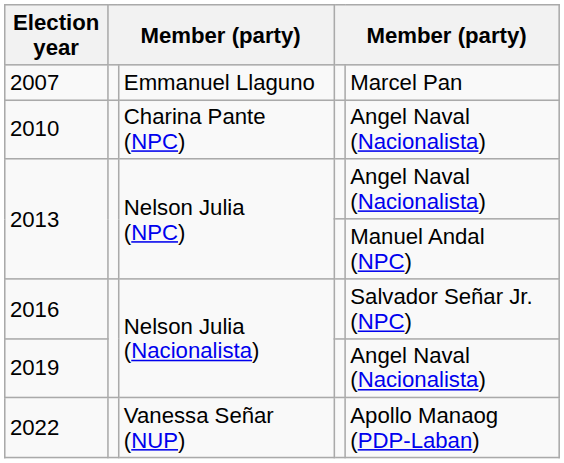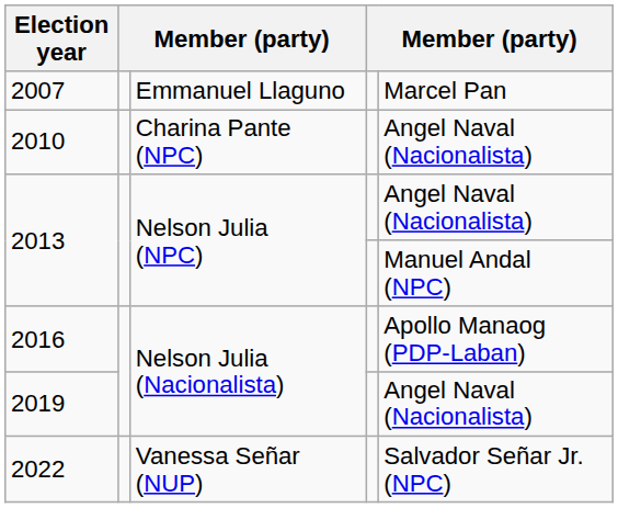 <table class=wikitable style="font-size:90%">
 <tr>
 <th width=60px>Election<br>year</th>
 <th colspan=2 width=140px>Member (party)</th>
 <th colspan=2 width=140px>Member (party)</th>
 </tr>
 <tr>
 <td>2007</td>
 <td></td>
 <td>Emmanuel Llaguno</td>
 <td></td>
 <td>Marcel Pan</td>
 </tr>
 <tr>
 <td>2010</td>
 <td></td>
 <td>Charina Pante<br>(<a href='#'>NPC</a>)</td>
 <td></td>
 <td>Angel Naval<br>(<a href='#'>Nacionalista</a>)</td>
 </tr>
 <tr>
 <td rowspan=2>2013</td>
 <td rowspan=2></td>
 <td rowspan=2>Nelson Julia<br>(<a href='#'>NPC</a>)</td>
 <td></td>
 <td>Angel Naval<br>(<a href='#'>Nacionalista</a>)</td>
 </tr>
 <tr>
 <td></td>
 <td>Manuel Andal<br>(<a href='#'>NPC</a>)</td>
 </tr>
 <tr>
 <td>2016</td>
 <td rowspan=2></td>
 <td rowspan=2>Nelson Julia<br>(<a href='#'>Nacionalista</a>)</td>
 <td></td>
-<td>Salvador Señar Jr.<br>(<a href='#'>NPC</a>)</td>
+<td>Apollo Manaog<br>(<a href='#'>PDP-Laban</a>)</td>
 </tr>
 <tr>
 <td>2019</td>
 <td></td>
 <td>Angel Naval<br>(<a href='#'>Nacionalista</a>)</td>
 </tr>
 <tr>
 <td>2022</td>
 <td></td>
 <td>Vanessa Señar<br>(<a href='#'>NUP</a>)</td>
 <td></td>
-<td>Apollo Manaog<br>(<a href='#'>PDP-Laban</a>)</td>
+<td>Salvador Señar Jr.<br>(<a href='#'>NPC</a>)</td>
 </tr>
 </table>
